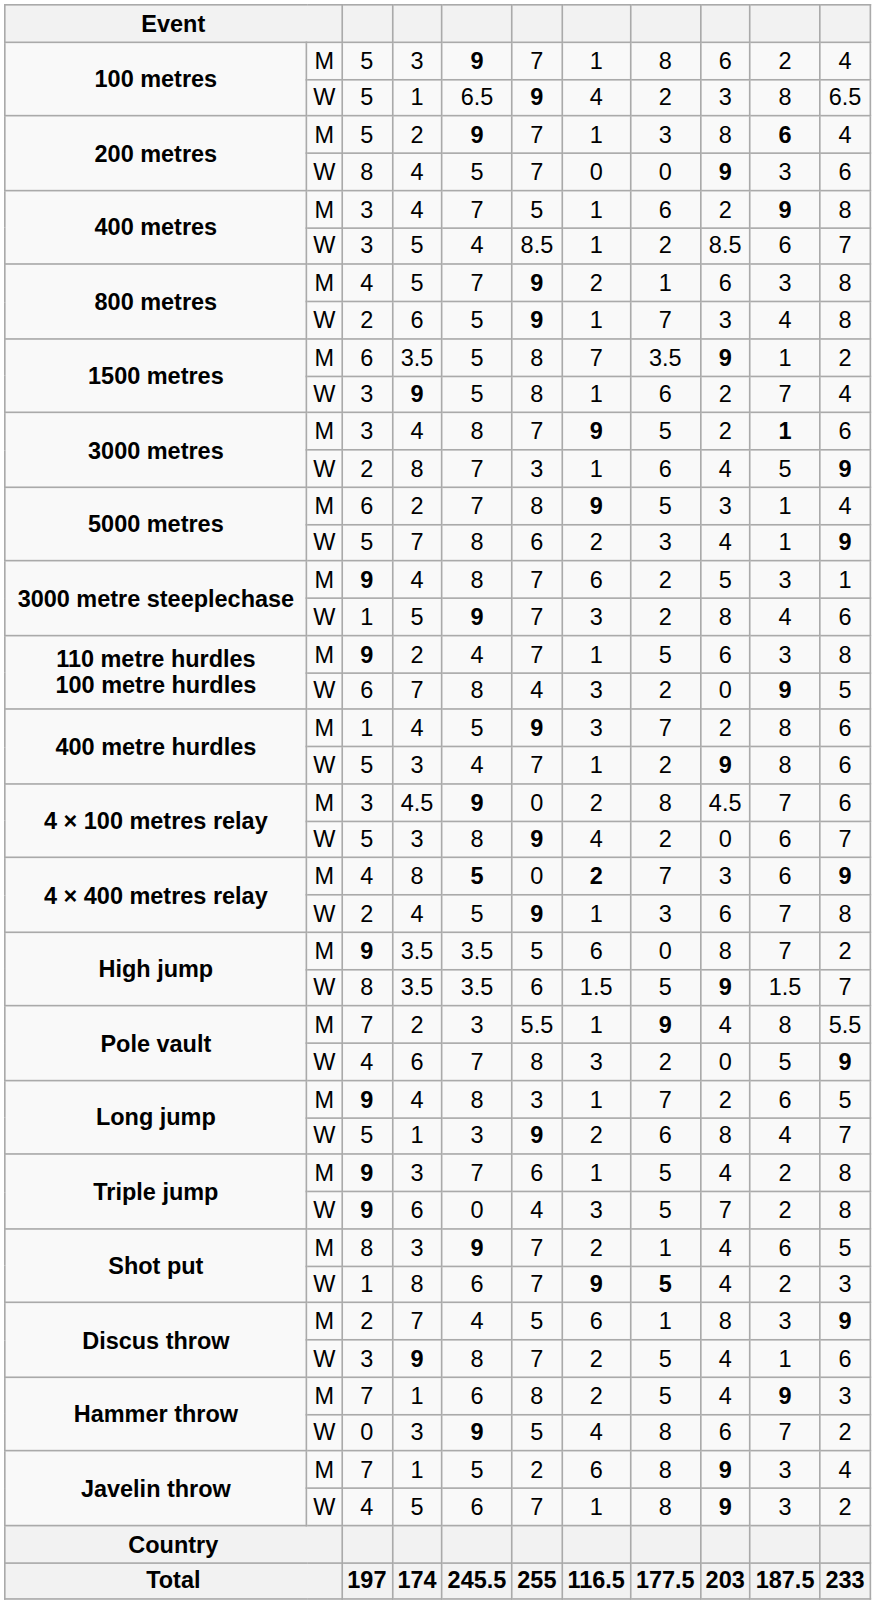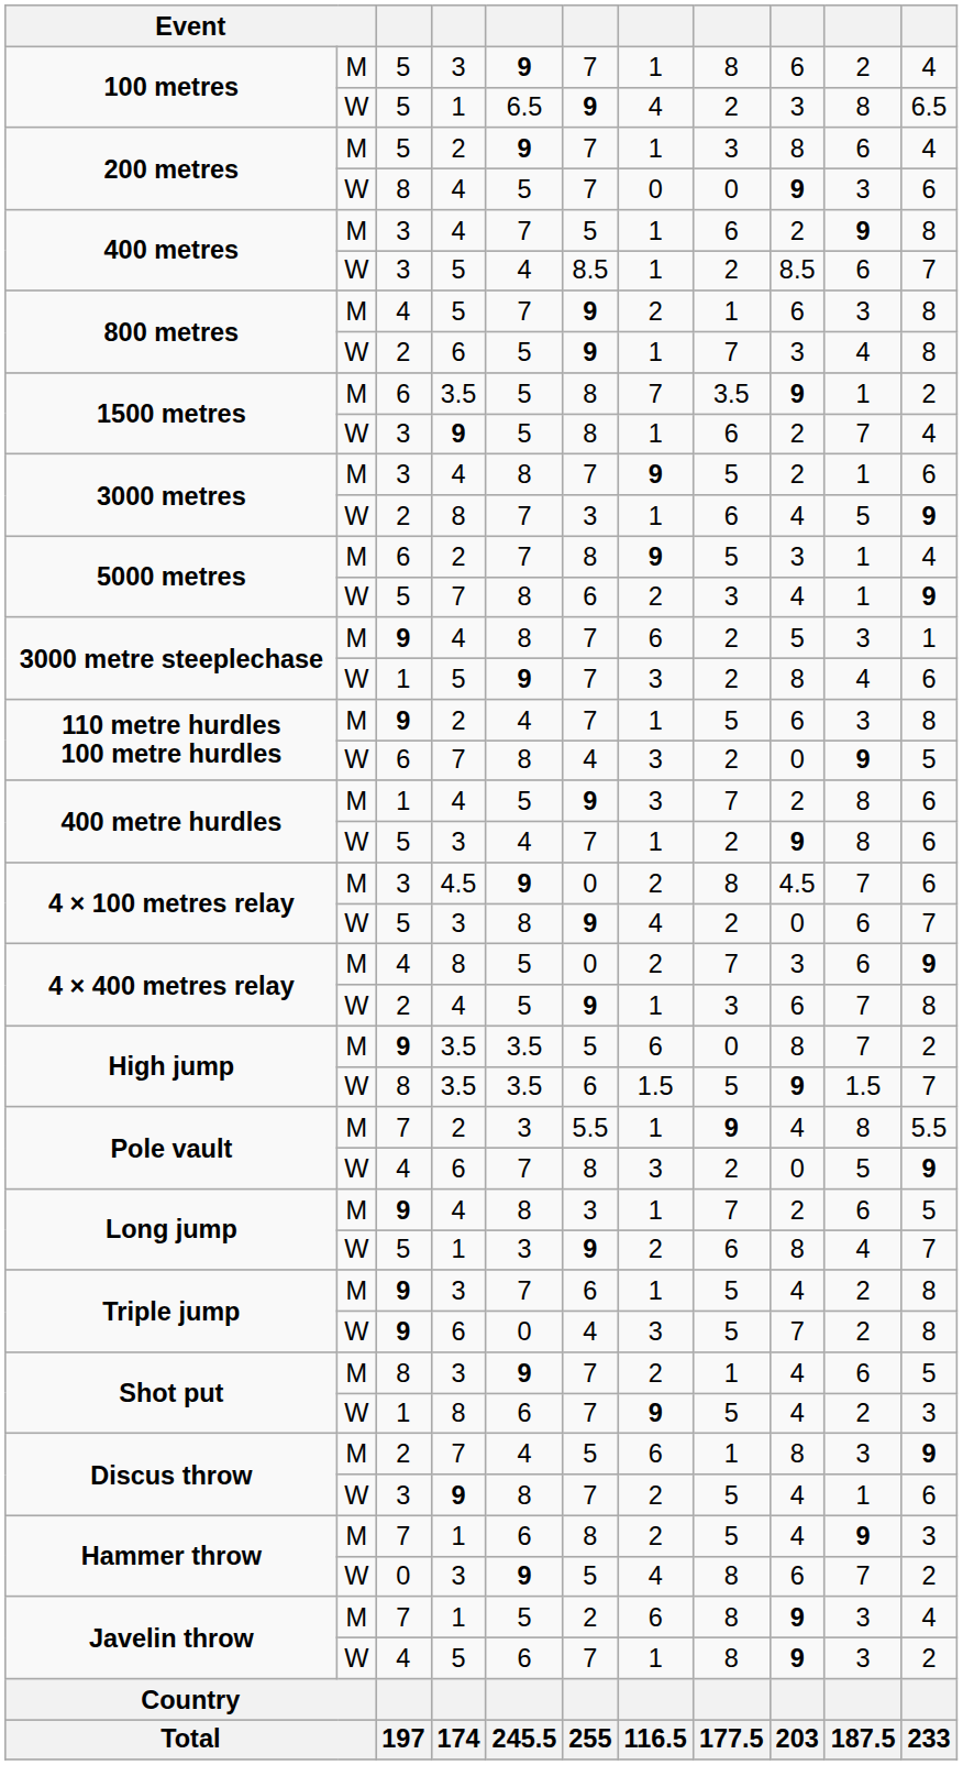 <table class="wikitable sortable" style="background-color: #f9f9f9; font-size: 90%; text-align: center">
 <tr>
 <th width=200 colspan=2>Event</th>
 <th></th>
 <th></th>
 <th></th>
 <th></th>
 <th></th>
 <th></th>
 <th></th>
 <th></th>
 <th></th>
 </tr>
 <tr>
 <td rowspan=2><strong>100 metres</strong></td>
 <td>M</td>
 <td>5</td>
 <td>3</td>
 <td><strong>9</strong></td>
 <td>7</td>
 <td>1</td>
 <td>8</td>
 <td>6</td>
 <td>2</td>
 <td>4</td>
 </tr>
 <tr>
 <td>W</td>
 <td>5</td>
 <td>1</td>
 <td>6.5</td>
 <td><strong>9</strong></td>
 <td>4</td>
 <td>2</td>
 <td>3</td>
 <td>8</td>
 <td>6.5</td>
 </tr>
 <tr>
 <td rowspan=2><strong>200 metres</strong></td>
 <td>M</td>
 <td>5</td>
 <td>2</td>
 <td><strong>9</strong></td>
 <td>7</td>
 <td>1</td>
 <td>3</td>
 <td>8</td>
-<td><strong>6</strong></td>
+<td>6</td>
 <td>4</td>
 </tr>
 <tr>
 <td>W</td>
 <td>8</td>
 <td>4</td>
 <td>5</td>
 <td>7</td>
 <td>0</td>
 <td>0</td>
 <td><strong>9</strong></td>
 <td>3</td>
 <td>6</td>
 </tr>
 <tr>
 <td rowspan=2><strong>400 metres</strong></td>
 <td>M</td>
 <td>3</td>
 <td>4</td>
 <td>7</td>
 <td>5</td>
 <td>1</td>
 <td>6</td>
 <td>2</td>
 <td><strong>9</strong></td>
 <td>8</td>
 </tr>
 <tr>
 <td>W</td>
 <td>3</td>
 <td>5</td>
 <td>4</td>
 <td>8.5</td>
 <td>1</td>
 <td>2</td>
 <td>8.5</td>
 <td>6</td>
 <td>7</td>
 </tr>
 <tr>
 <td rowspan=2><strong>800 metres</strong></td>
 <td>M</td>
 <td>4</td>
 <td>5</td>
 <td>7</td>
 <td><strong>9</strong></td>
 <td>2</td>
 <td>1</td>
 <td>6</td>
 <td>3</td>
 <td>8</td>
 </tr>
 <tr>
 <td>W</td>
 <td>2</td>
 <td>6</td>
 <td>5</td>
 <td><strong>9</strong></td>
 <td>1</td>
 <td>7</td>
 <td>3</td>
 <td>4</td>
 <td>8</td>
 </tr>
 <tr>
 <td rowspan=2><strong>1500 metres</strong></td>
 <td>M</td>
 <td>6</td>
 <td>3.5</td>
 <td>5</td>
 <td>8</td>
 <td>7</td>
 <td>3.5</td>
 <td><strong>9</strong></td>
 <td>1</td>
 <td>2</td>
 </tr>
 <tr>
 <td>W</td>
 <td>3</td>
 <td><strong>9</strong></td>
 <td>5</td>
 <td>8</td>
 <td>1</td>
 <td>6</td>
 <td>2</td>
 <td>7</td>
 <td>4</td>
 </tr>
 <tr>
 <td rowspan=2><strong>3000 metres</strong></td>
 <td>M</td>
 <td>3</td>
 <td>4</td>
 <td>8</td>
 <td>7</td>
 <td><strong>9</strong></td>
 <td>5</td>
 <td>2</td>
-<td><strong>1</strong></td>
+<td>1</td>
 <td>6</td>
 </tr>
 <tr>
 <td>W</td>
 <td>2</td>
 <td>8</td>
 <td>7</td>
 <td>3</td>
 <td>1</td>
 <td>6</td>
 <td>4</td>
 <td>5</td>
 <td><strong>9</strong></td>
 </tr>
 <tr>
 <td rowspan=2><strong>5000 metres</strong></td>
 <td>M</td>
 <td>6</td>
 <td>2</td>
 <td>7</td>
 <td>8</td>
 <td><strong>9</strong></td>
 <td>5</td>
 <td>3</td>
 <td>1</td>
 <td>4</td>
 </tr>
 <tr>
 <td>W</td>
 <td>5</td>
 <td>7</td>
 <td>8</td>
 <td>6</td>
 <td>2</td>
 <td>3</td>
 <td>4</td>
 <td>1</td>
 <td><strong>9</strong></td>
 </tr>
 <tr>
 <td rowspan=2><strong>3000 metre steeplechase</strong></td>
 <td>M</td>
 <td><strong>9</strong></td>
 <td>4</td>
 <td>8</td>
 <td>7</td>
 <td>6</td>
 <td>2</td>
 <td>5</td>
 <td>3</td>
 <td>1</td>
 </tr>
 <tr>
 <td>W</td>
 <td>1</td>
 <td>5</td>
 <td><strong>9</strong></td>
 <td>7</td>
 <td>3</td>
 <td>2</td>
 <td>8</td>
 <td>4</td>
 <td>6</td>
 </tr>
 <tr>
 <td rowspan=2><strong>110 metre hurdles<br>100 metre hurdles</strong></td>
 <td>M</td>
 <td><strong>9</strong></td>
 <td>2</td>
 <td>4</td>
 <td>7</td>
 <td>1</td>
 <td>5</td>
 <td>6</td>
 <td>3</td>
 <td>8</td>
 </tr>
 <tr>
 <td>W</td>
 <td>6</td>
 <td>7</td>
 <td>8</td>
 <td>4</td>
 <td>3</td>
 <td>2</td>
 <td>0</td>
 <td><strong>9</strong></td>
 <td>5</td>
 </tr>
 <tr>
 <td rowspan=2><strong>400 metre hurdles</strong></td>
 <td>M</td>
 <td>1</td>
 <td>4</td>
 <td>5</td>
 <td><strong>9</strong></td>
 <td>3</td>
 <td>7</td>
 <td>2</td>
 <td>8</td>
 <td>6</td>
 </tr>
 <tr>
 <td>W</td>
 <td>5</td>
 <td>3</td>
 <td>4</td>
 <td>7</td>
 <td>1</td>
 <td>2</td>
 <td><strong>9</strong></td>
 <td>8</td>
 <td>6</td>
 </tr>
 <tr>
 <td rowspan=2><strong> 4 × 100 metres relay</strong></td>
 <td>M</td>
 <td>3</td>
 <td>4.5</td>
 <td><strong>9</strong></td>
 <td>0</td>
 <td>2</td>
 <td>8</td>
 <td>4.5</td>
 <td>7</td>
 <td>6</td>
 </tr>
 <tr>
 <td>W</td>
 <td>5</td>
 <td>3</td>
 <td>8</td>
 <td><strong>9</strong></td>
 <td>4</td>
 <td>2</td>
 <td>0</td>
 <td>6</td>
 <td>7</td>
 </tr>
 <tr>
 <td rowspan=2><strong>4 × 400 metres relay</strong></td>
 <td>M</td>
 <td>4</td>
 <td>8</td>
-<td><strong>5</strong></td>
+<td>5</td>
 <td>0</td>
-<td><strong>2</strong></td>
+<td>2</td>
 <td>7</td>
 <td>3</td>
 <td>6</td>
 <td><strong>9</strong></td>
 </tr>
 <tr>
 <td>W</td>
 <td>2</td>
 <td>4</td>
 <td>5</td>
 <td><strong>9</strong></td>
 <td>1</td>
 <td>3</td>
 <td>6</td>
 <td>7</td>
 <td>8</td>
 </tr>
 <tr>
 <td rowspan=2><strong>High jump</strong></td>
 <td>M</td>
 <td><strong>9</strong></td>
 <td>3.5</td>
 <td>3.5</td>
 <td>5</td>
 <td>6</td>
 <td>0</td>
 <td>8</td>
 <td>7</td>
 <td>2</td>
 </tr>
 <tr>
 <td>W</td>
 <td>8</td>
 <td>3.5</td>
 <td>3.5</td>
 <td>6</td>
 <td>1.5</td>
 <td>5</td>
 <td><strong>9</strong></td>
 <td>1.5</td>
 <td>7</td>
 </tr>
 <tr>
 <td rowspan=2><strong>Pole vault</strong></td>
 <td>M</td>
 <td>7</td>
 <td>2</td>
 <td>3</td>
 <td>5.5</td>
 <td>1</td>
 <td><strong>9</strong></td>
 <td>4</td>
 <td>8</td>
 <td>5.5</td>
 </tr>
 <tr>
 <td>W</td>
 <td>4</td>
 <td>6</td>
 <td>7</td>
 <td>8</td>
 <td>3</td>
 <td>2</td>
 <td>0</td>
 <td>5</td>
 <td><strong>9</strong></td>
 </tr>
 <tr>
 <td rowspan=2><strong>Long jump</strong></td>
 <td>M</td>
 <td><strong>9</strong></td>
 <td>4</td>
 <td>8</td>
 <td>3</td>
 <td>1</td>
 <td>7</td>
 <td>2</td>
 <td>6</td>
 <td>5</td>
 </tr>
 <tr>
 <td>W</td>
 <td>5</td>
 <td>1</td>
 <td>3</td>
 <td><strong>9</strong></td>
 <td>2</td>
 <td>6</td>
 <td>8</td>
 <td>4</td>
 <td>7</td>
 </tr>
 <tr>
 <td rowspan=2><strong>Triple jump</strong></td>
 <td>M</td>
 <td><strong>9</strong></td>
 <td>3</td>
 <td>7</td>
 <td>6</td>
 <td>1</td>
 <td>5</td>
 <td>4</td>
 <td>2</td>
 <td>8</td>
 </tr>
 <tr>
 <td>W</td>
 <td><strong>9</strong></td>
 <td>6</td>
 <td>0</td>
 <td>4</td>
 <td>3</td>
 <td>5</td>
 <td>7</td>
 <td>2</td>
 <td>8</td>
 </tr>
 <tr>
 <td rowspan=2><strong>Shot put</strong></td>
 <td>M</td>
 <td>8</td>
 <td>3</td>
 <td><strong>9</strong></td>
 <td>7</td>
 <td>2</td>
 <td>1</td>
 <td>4</td>
 <td>6</td>
 <td>5</td>
 </tr>
 <tr>
 <td>W</td>
 <td>1</td>
 <td>8</td>
 <td>6</td>
 <td>7</td>
 <td><strong>9</strong></td>
-<td><strong>5</strong></td>
+<td>5</td>
 <td>4</td>
 <td>2</td>
 <td>3</td>
 </tr>
 <tr>
 <td rowspan=2><strong>Discus throw</strong></td>
 <td>M</td>
 <td>2</td>
 <td>7</td>
 <td>4</td>
 <td>5</td>
 <td>6</td>
 <td>1</td>
 <td>8</td>
 <td>3</td>
 <td><strong>9</strong></td>
 </tr>
 <tr>
 <td>W</td>
 <td>3</td>
 <td><strong>9</strong></td>
 <td>8</td>
 <td>7</td>
 <td>2</td>
 <td>5</td>
 <td>4</td>
 <td>1</td>
 <td>6</td>
 </tr>
 <tr>
 <td rowspan=2><strong>Hammer throw</strong></td>
 <td>M</td>
 <td>7</td>
 <td>1</td>
 <td>6</td>
 <td>8</td>
 <td>2</td>
 <td>5</td>
 <td>4</td>
 <td><strong>9</strong></td>
 <td>3</td>
 </tr>
 <tr>
 <td>W</td>
 <td>0</td>
 <td>3</td>
 <td><strong>9</strong></td>
 <td>5</td>
 <td>4</td>
 <td>8</td>
 <td>6</td>
 <td>7</td>
 <td>2</td>
 </tr>
 <tr>
 <td rowspan=2><strong>Javelin throw</strong></td>
 <td>M</td>
 <td>7</td>
 <td>1</td>
 <td>5</td>
 <td>2</td>
 <td>6</td>
 <td>8</td>
 <td><strong>9</strong></td>
 <td>3</td>
 <td>4</td>
 </tr>
 <tr>
 <td>W</td>
 <td>4</td>
 <td>5</td>
 <td>6</td>
 <td>7</td>
 <td>1</td>
 <td>8</td>
 <td><strong>9</strong></td>
 <td>3</td>
 <td>2</td>
 </tr>
 <tr>
 <th colspan=2>Country</th>
 <th></th>
 <th></th>
 <th></th>
 <th></th>
 <th></th>
 <th></th>
 <th></th>
 <th></th>
 <th></th>
 </tr>
 <tr>
 <th colspan=2>Total</th>
 <th>197</th>
 <th>174</th>
 <th>245.5</th>
 <th>255</th>
 <th>116.5</th>
 <th>177.5</th>
 <th>203</th>
 <th>187.5</th>
 <th>233</th>
 </tr>
 </table>
